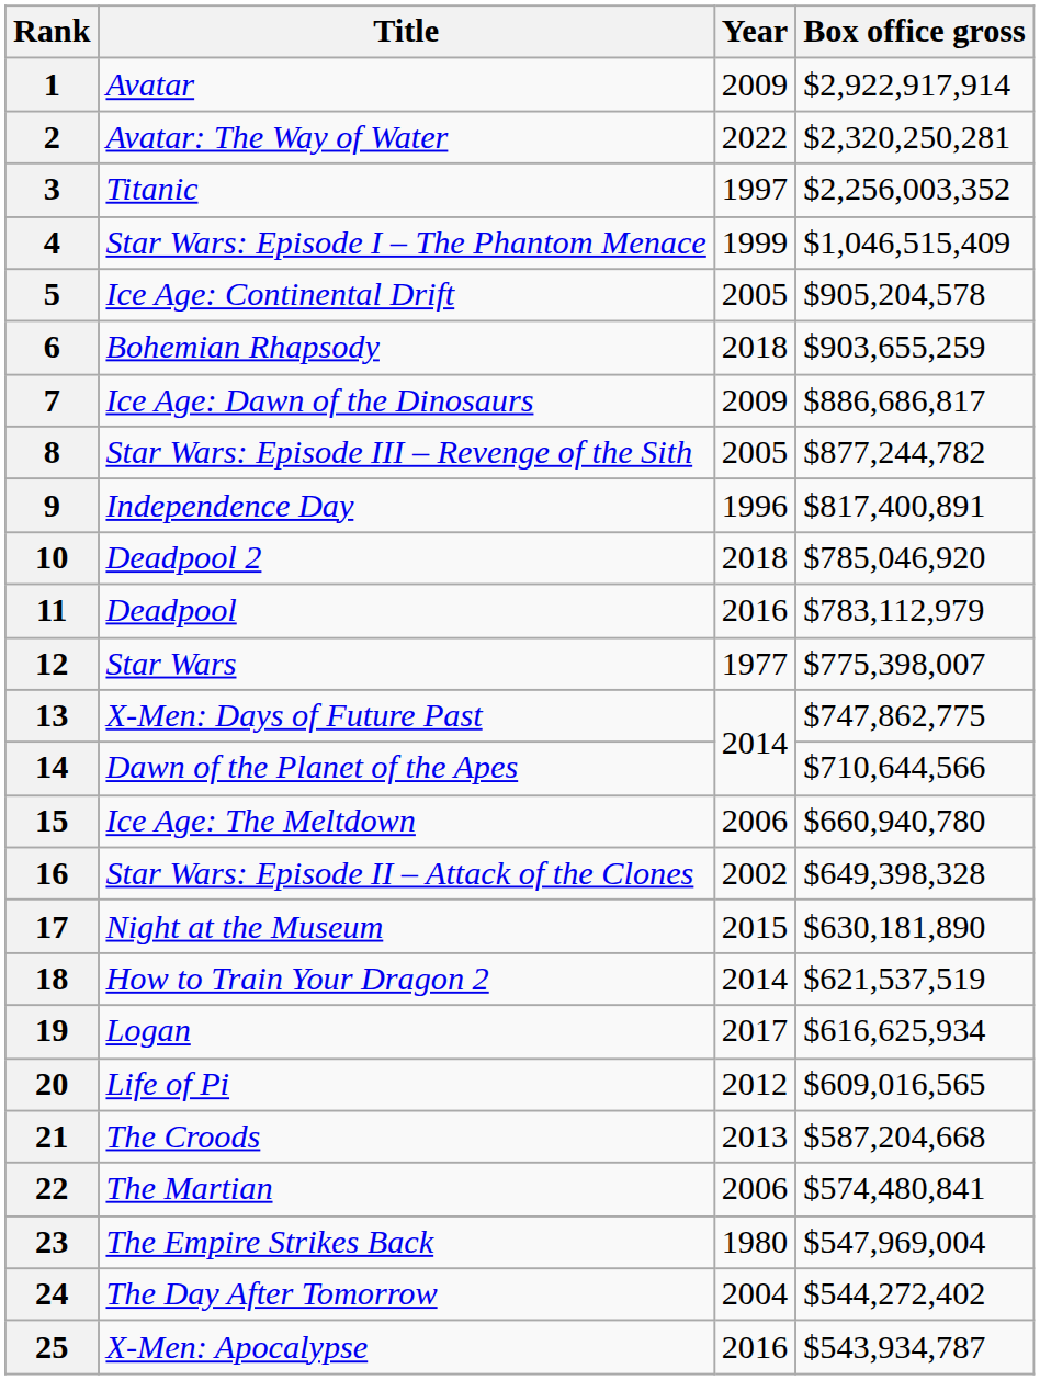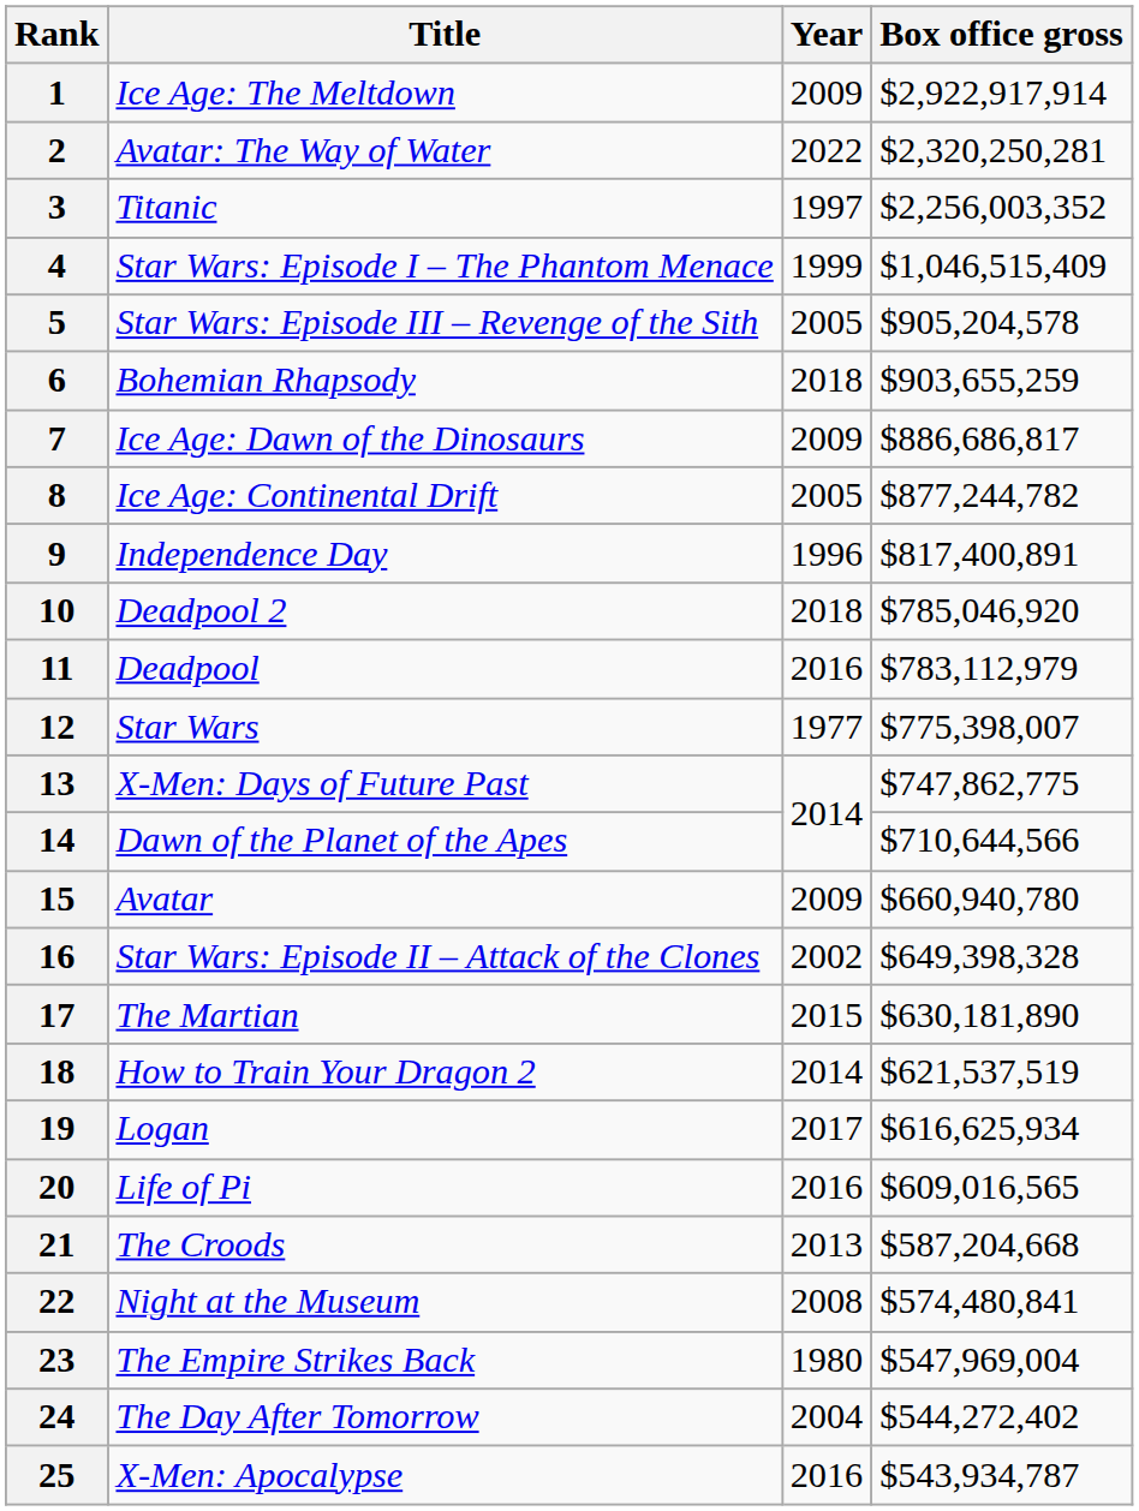 <table class="wikitable sortable" style="display:inline-table;">
 <tr>
 <th scope="col">Rank</th>
 <th scope="col">Title</th>
 <th scope="col">Year</th>
 <th scope="col">Box office gross</th>
 </tr>
 <tr>
 <th scope="row">1</th>
-<td><em><a href='#'>Avatar</a></em> </td>
+<td><em><a href='#'>Ice Age: The Meltdown</a></em> </td>
 <td>2009</td>
 <td>$2,922,917,914</td>
 </tr>
 <tr>
 <th scope="row">2</th>
 <td><em><a href='#'>Avatar: The Way of Water</a></em></td>
 <td>2022</td>
 <td>$2,320,250,281</td>
 </tr>
 <tr>
 <th scope="row">3</th>
 <td><em><a href='#'>Titanic</a></em> </td>
 <td>1997</td>
 <td>$2,256,003,352</td>
 </tr>
 <tr>
 <th scope="row">4</th>
 <td><em><a href='#'>Star Wars: Episode I – The Phantom Menace</a></em> </td>
 <td>1999</td>
 <td>$1,046,515,409</td>
 </tr>
 <tr>
 <th scope="row">5</th>
-<td><em><a href='#'>Ice Age: Continental Drift</a></em></td>
+<td><em><a href='#'>Star Wars: Episode III – Revenge of the Sith</a></em> </td>
 <td>2005</td>
 <td>$905,204,578</td>
 </tr>
 <tr>
 <th scope="row">6</th>
 <td><em><a href='#'>Bohemian Rhapsody</a></em></td>
 <td>2018</td>
 <td>$903,655,259</td>
 </tr>
 <tr>
 <th scope="row">7</th>
 <td><em><a href='#'>Ice Age: Dawn of the Dinosaurs</a></em></td>
 <td>2009</td>
 <td>$886,686,817</td>
 </tr>
 <tr>
 <th scope="row">8</th>
-<td><em><a href='#'>Star Wars: Episode III – Revenge of the Sith</a></em> </td>
+<td><em><a href='#'>Ice Age: Continental Drift</a></em></td>
 <td>2005</td>
 <td>$877,244,782</td>
 </tr>
 <tr>
 <th scope="row">9</th>
 <td><em><a href='#'>Independence Day</a></em></td>
 <td>1996</td>
 <td>$817,400,891</td>
 </tr>
 <tr>
 <th scope="row">10</th>
 <td><em><a href='#'>Deadpool 2</a></em></td>
 <td>2018</td>
 <td>$785,046,920</td>
 </tr>
 <tr>
 <th scope="row">11</th>
 <td><em><a href='#'>Deadpool</a></em></td>
 <td>2016</td>
 <td>$783,112,979</td>
 </tr>
 <tr>
 <th scope="row">12</th>
 <td><em><a href='#'>Star Wars</a></em> </td>
 <td>1977</td>
 <td>$775,398,007</td>
 </tr>
 <tr>
 <th scope="row">13</th>
 <td><em><a href='#'>X-Men: Days of Future Past</a></em></td>
 <td rowspan=2>2014</td>
 <td>$747,862,775</td>
 </tr>
 <tr>
 <th scope="row">14</th>
 <td><em><a href='#'>Dawn of the Planet of the Apes</a></em></td>
 <td>$710,644,566</td>
 </tr>
 <tr>
 <th scope="row">15</th>
-<td><em><a href='#'>Ice Age: The Meltdown</a></em> </td>
-<td>2006</td>
+<td><em><a href='#'>Avatar</a></em> </td>
+<td>2009</td>
 <td>$660,940,780</td>
 </tr>
 <tr>
 <th scope="row">16</th>
 <td><em><a href='#'>Star Wars: Episode II – Attack of the Clones</a></em></td>
 <td>2002</td>
 <td>$649,398,328</td>
 </tr>
 <tr>
 <th scope="row">17</th>
-<td><em><a href='#'>Night at the Museum</a></em></td>
+<td><em><a href='#'>The Martian</a></em></td>
 <td>2015</td>
 <td>$630,181,890</td>
 </tr>
 <tr>
 <th scope="row">18</th>
 <td><em><a href='#'>How to Train Your Dragon 2</a></em></td>
 <td>2014</td>
 <td>$621,537,519</td>
 </tr>
 <tr −>
 <th scope="row">19</th>
 <td><em><a href='#'>Logan</a></em></td>
 <td>2017</td>
 <td>$616,625,934</td>
 </tr>
 <tr>
 <th scope="row">20</th>
 <td><em><a href='#'>Life of Pi</a></em></td>
-<td>2012</td>
+<td>2016</td>
 <td>$609,016,565</td>
 </tr>
 <tr>
 <th scope="row">21</th>
 <td><em><a href='#'>The Croods</a></em></td>
 <td>2013</td>
 <td>$587,204,668</td>
 </tr>
 <tr>
 <th scope="row">22</th>
-<td><em><a href='#'>The Martian</a></em></td>
-<td>2006</td>
+<td><em><a href='#'>Night at the Museum</a></em></td>
+<td>2008</td>
 <td>$574,480,841</td>
 </tr>
 <tr>
 <th scope="row">23</th>
 <td><em><a href='#'>The Empire Strikes Back</a></em> </td>
 <td>1980</td>
 <td>$547,969,004</td>
 </tr>
 <tr>
 <th scope="row">24</th>
 <td><em><a href='#'>The Day After Tomorrow</a></em></td>
 <td>2004</td>
 <td>$544,272,402</td>
 </tr>
 <tr>
 <th scope="row">25</th>
 <td><em><a href='#'>X-Men: Apocalypse</a></em></td>
 <td>2016</td>
 <td>$543,934,787</td>
 </tr>
 </table>
